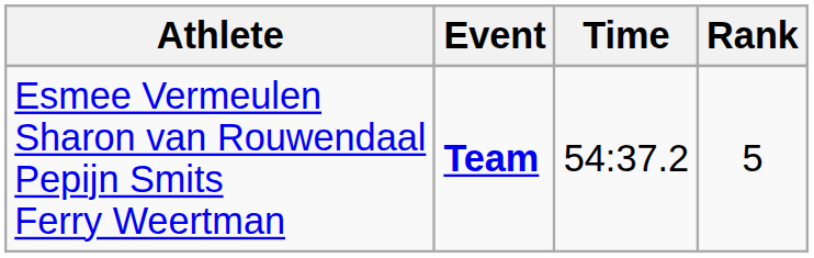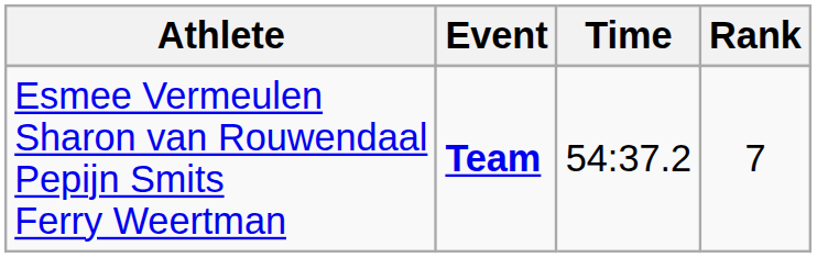 <table class="wikitable" style="font-size:90%;">
 <tr>
 <th>Athlete</th>
 <th>Event</th>
 <th>Time</th>
 <th>Rank</th>
 </tr>
 <tr align=center>
 </tr>
 <tr align=center>
 <td align=left><a href='#'>Esmee Vermeulen</a><br><a href='#'>Sharon van Rouwendaal</a><br><a href='#'>Pepijn Smits</a><br><a href='#'>Ferry Weertman</a></td>
 <td align=left><strong><a href='#'>Team</a></strong></td>
 <td>54:37.2</td>
-<td>5</td>
+<td>7</td>
 </tr>
 </table>
